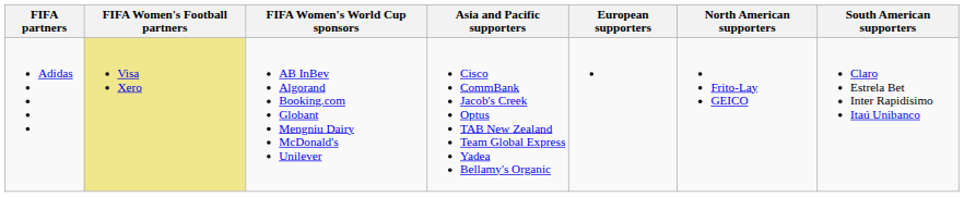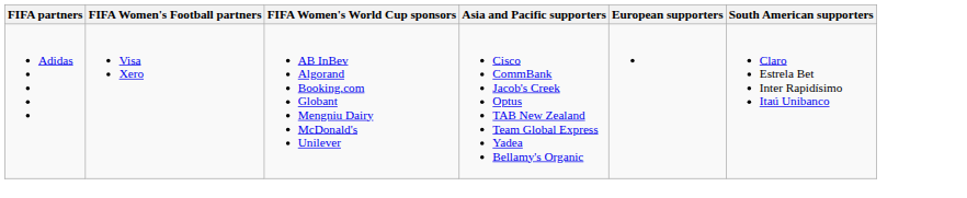 <table class="wikitable"]>
 <tr>
 <th>FIFA partners</th>
 <th>FIFA Women's Football partners</th>
 <th>FIFA Women's World Cup sponsors</th>
 <th>Asia and Pacific supporters</th>
 <th>European supporters</th>
-<th>North American supporters</th>
 <th>South American supporters</th>
 </tr>
 <tr>
 <td style="vertical-align:top;"><br> <ul><li><a href='#'>Adidas</a></li><li><a href='#'></a></li><li></li><li></li><li></li></ul></td>
-<td style="background: khaki; vertical-align:top;"><br><ul><li><a href='#'>Visa</a></li><li><a href='#'>Xero</a></li></ul></td>
+<td style="vertical-align:top;"><br><ul><li><a href='#'>Visa</a></li><li><a href='#'>Xero</a></li></ul></td>
 <td style="vertical-align:top;"><br><ul><li><a href='#'>AB InBev</a></li><li><a href='#'>Algorand</a></li><li><a href='#'>Booking.com</a></li><li><a href='#'>Globant</a></li><li><a href='#'>Mengniu Dairy</a></li><li><a href='#'>McDonald's</a></li><li><a href='#'>Unilever</a></li></ul></td>
 <td style="vertical-align:top;"><br><ul><li><a href='#'>Cisco</a></li><li><a href='#'>CommBank</a></li><li><a href='#'>Jacob's Creek</a></li><li><a href='#'>Optus</a></li><li><a href='#'>TAB New Zealand</a></li><li><a href='#'>Team Global Express</a></li><li><a href='#'>Yadea</a></li><li><a href='#'>Bellamy's Organic</a></li></ul></td>
 <td style="vertical-align:top;"><br><ul><li></li></ul></td>
-<td style="vertical-align:top;"><br><ul><li></li><li><a href='#'>Frito-Lay</a></li><li><a href='#'>GEICO</a></li></ul></td>
 <td style="vertical-align:top;"><br><ul><li><a href='#'>Claro</a></li><li>Estrela Bet</li><li>Inter Rapidísimo</li><li><a href='#'>Itaú Unibanco</a></li></ul></td>
 </tr>
 </table>
